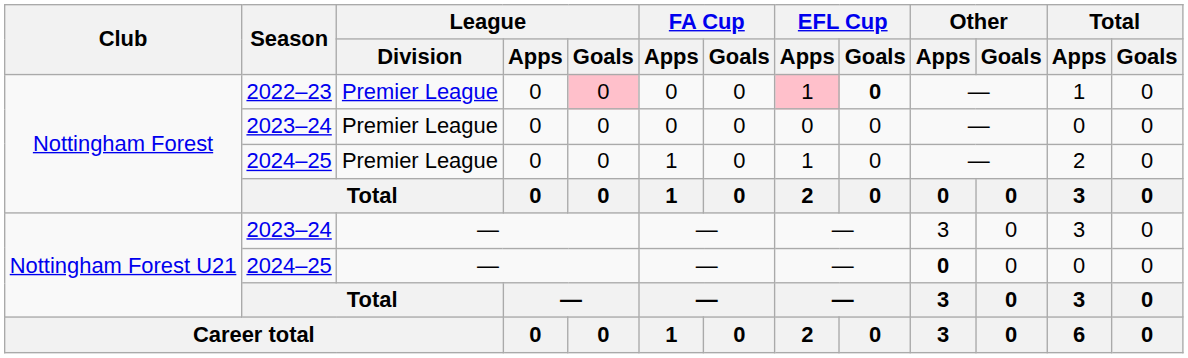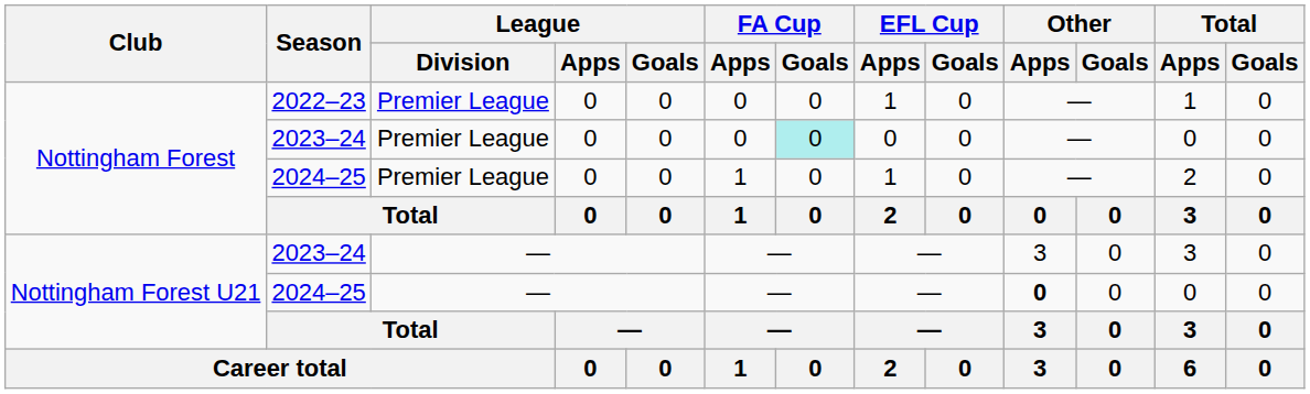 <table class="wikitable" style="text-align: center">
 <tr>
 <th rowspan=2>Club</th>
 <th rowspan=2>Season</th>
 <th colspan=3>League</th>
 <th colspan=2><a href='#'>FA Cup</a></th>
 <th colspan=2><a href='#'>EFL Cup</a></th>
 <th colspan=2>Other</th>
 <th colspan=2>Total</th>
 </tr>
 <tr>
 <th>Division</th>
 <th>Apps</th>
 <th>Goals</th>
 <th>Apps</th>
 <th>Goals</th>
 <th>Apps</th>
 <th>Goals</th>
 <th>Apps</th>
 <th>Goals</th>
 <th>Apps</th>
 <th>Goals</th>
 </tr>
 <tr>
 <td rowspan=4><a href='#'>Nottingham Forest</a></td>
 <td><a href='#'>2022–23</a></td>
 <td><a href='#'>Premier League</a></td>
 <td>0</td>
-<td style="background: pink;">0</td>
 <td>0</td>
 <td>0</td>
-<td style="background: pink;">1</td>
-<td><strong>0</strong></td>
+<td>0</td>
+<td>1</td>
+<td>0</td>
 <td colspan=2>—</td>
 <td>1</td>
 <td>0</td>
 </tr>
 <tr>
 <td><a href='#'>2023–24</a></td>
 <td>Premier League</td>
 <td>0</td>
 <td>0</td>
 <td>0</td>
-<td>0</td>
+<td style="background: paleturquoise;">0</td>
 <td>0</td>
 <td>0</td>
 <td colspan=2>—</td>
 <td>0</td>
 <td>0</td>
 </tr>
 <tr>
 <td><a href='#'>2024–25</a></td>
 <td>Premier League</td>
 <td>0</td>
 <td>0</td>
 <td>1</td>
 <td>0</td>
 <td>1</td>
 <td>0</td>
 <td colspan=2>—</td>
 <td>2</td>
 <td>0</td>
 </tr>
 <tr>
 <th colspan=2>Total</th>
 <th>0</th>
 <th>0</th>
 <th>1</th>
 <th>0</th>
 <th>2</th>
 <th>0</th>
 <th>0</th>
 <th>0</th>
 <th>3</th>
 <th>0</th>
 </tr>
 <tr>
 <td rowspan=3><a href='#'>Nottingham Forest U21</a></td>
 <td><a href='#'>2023–24</a></td>
 <td colspan=3>—</td>
 <td colspan=2>—</td>
 <td colspan=2>—</td>
 <td>3</td>
 <td>0</td>
 <td>3</td>
 <td>0</td>
 </tr>
 <tr>
 <td><a href='#'>2024–25</a></td>
 <td colspan=3>—</td>
 <td colspan=2>—</td>
 <td colspan=2>—</td>
 <td><strong>0</strong></td>
 <td>0</td>
 <td>0</td>
 <td>0</td>
 </tr>
 <tr>
 <th colspan=2>Total</th>
 <th colspan=2>—</th>
 <th colspan=2>—</th>
 <th colspan=2>—</th>
 <th>3</th>
 <th>0</th>
 <th>3</th>
 <th>0</th>
 </tr>
 <tr>
 <th colspan=3>Career total</th>
 <th>0</th>
 <th>0</th>
 <th>1</th>
 <th>0</th>
 <th>2</th>
 <th>0</th>
 <th>3</th>
 <th>0</th>
 <th>6</th>
 <th>0</th>
 </tr>
 </table>
